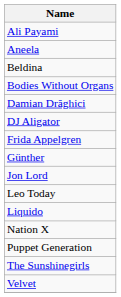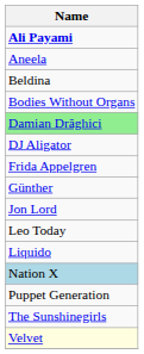 <table class="wikitable sortable">
 <tr>
 <th>Name</th>
 </tr>
 <tr>
-<td><a href='#'>Ali Payami</a></td>
+<td><strong><a href='#'>Ali Payami</a></strong></td>
 </tr>
 <tr>
 <td><a href='#'>Aneela</a></td>
 </tr>
 <tr>
 <td>Beldina</td>
 </tr>
 <tr>
 <td><a href='#'>Bodies Without Organs</a></td>
 </tr>
 <tr>
-<td><a href='#'>Damian Drăghici</a></td>
+<td style="background: lightgreen;"><a href='#'>Damian Drăghici</a></td>
 </tr>
 <tr>
 <td><a href='#'>DJ Aligator</a></td>
 </tr>
 <tr>
 <td><a href='#'>Frida Appelgren</a></td>
 </tr>
 <tr>
 <td><a href='#'>Günther</a></td>
 </tr>
 <tr>
 <td><a href='#'>Jon Lord</a></td>
 </tr>
 <tr>
 <td>Leo Today</td>
 </tr>
 <tr>
 <td><a href='#'>Liquido</a></td>
 </tr>
 <tr>
-<td>Nation X</td>
+<td style="background: lightblue;">Nation X</td>
 </tr>
 <tr>
 <td>Puppet Generation</td>
 </tr>
 <tr>
 <td><a href='#'>The Sunshinegirls</a></td>
 </tr>
 <tr>
-<td><a href='#'>Velvet</a></td>
+<td style="background: lightyellow;"><a href='#'>Velvet</a></td>
 </tr>
 <tr>
 </tr>
 </table>
